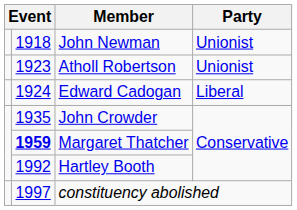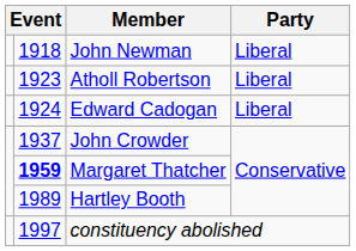 <table class="wikitable">
 <tr>
 <th colspan="2">Event</th>
 <th>Member</th>
 <th>Party</th>
 </tr>
 <tr>
 <td style="color:inherit;background-color: "></td>
 <td><a href='#'>1918</a></td>
 <td><a href='#'>John Newman</a></td>
-<td><a href='#'>Unionist</a></td>
+<td><a href='#'>Liberal</a></td>
 </tr>
 <tr>
 <td style="color:inherit;background-color: "></td>
 <td><a href='#'>1923</a></td>
 <td><a href='#'>Atholl Robertson</a></td>
-<td><a href='#'>Unionist</a></td>
+<td><a href='#'>Liberal</a></td>
 </tr>
 <tr>
 <td style="color:inherit;background-color: "></td>
 <td><a href='#'>1924</a></td>
 <td><a href='#'>Edward Cadogan</a></td>
 <td><a href='#'>Liberal</a></td>
 </tr>
 <tr>
 <td rowspan="3" style="color:inherit;background-color: "></td>
-<td><a href='#'>1935</a></td>
+<td><a href='#'>1937</a></td>
 <td><a href='#'>John Crowder</a></td>
 <td rowspan="3"><a href='#'>Conservative</a></td>
 </tr>
 <tr>
 <td><strong><a href='#'>1959</a></strong></td>
 <td><a href='#'>Margaret Thatcher</a></td>
 </tr>
 <tr>
-<td><a href='#'>1992</a></td>
+<td><a href='#'>1989</a></td>
 <td><a href='#'>Hartley Booth</a></td>
 </tr>
 <tr>
 <td></td>
 <td><a href='#'>1997</a></td>
 <td colspan="3"><em>constituency abolished</em></td>
 </tr>
 </table>
